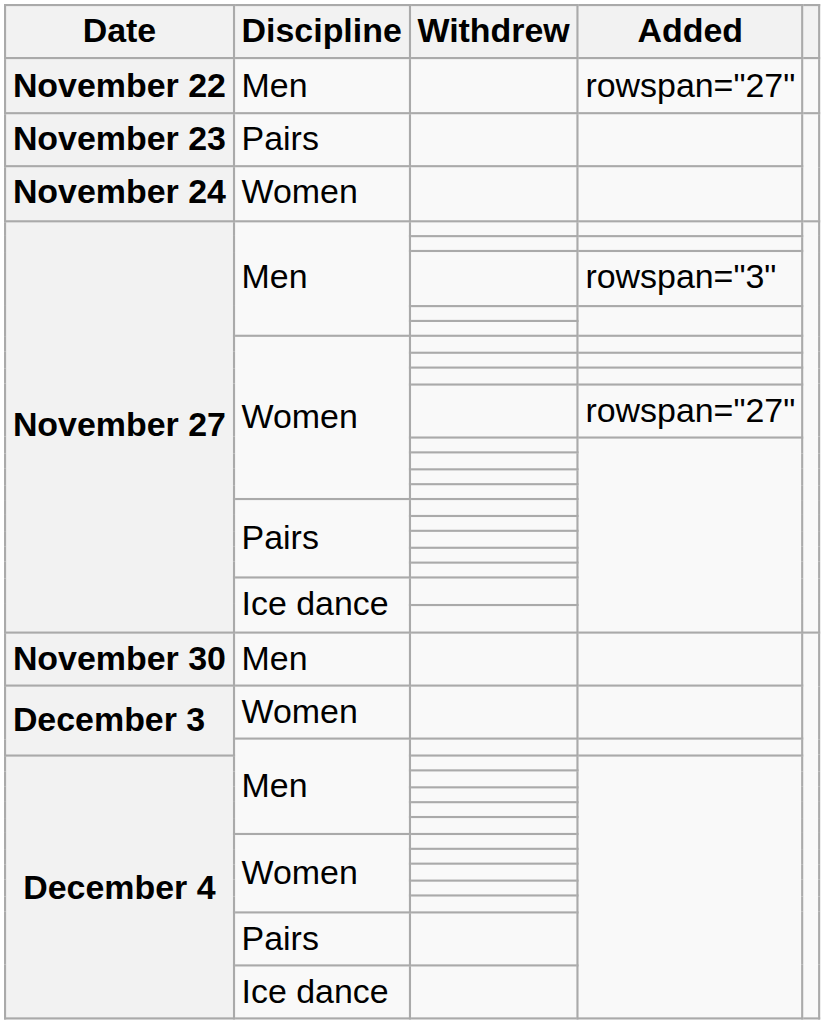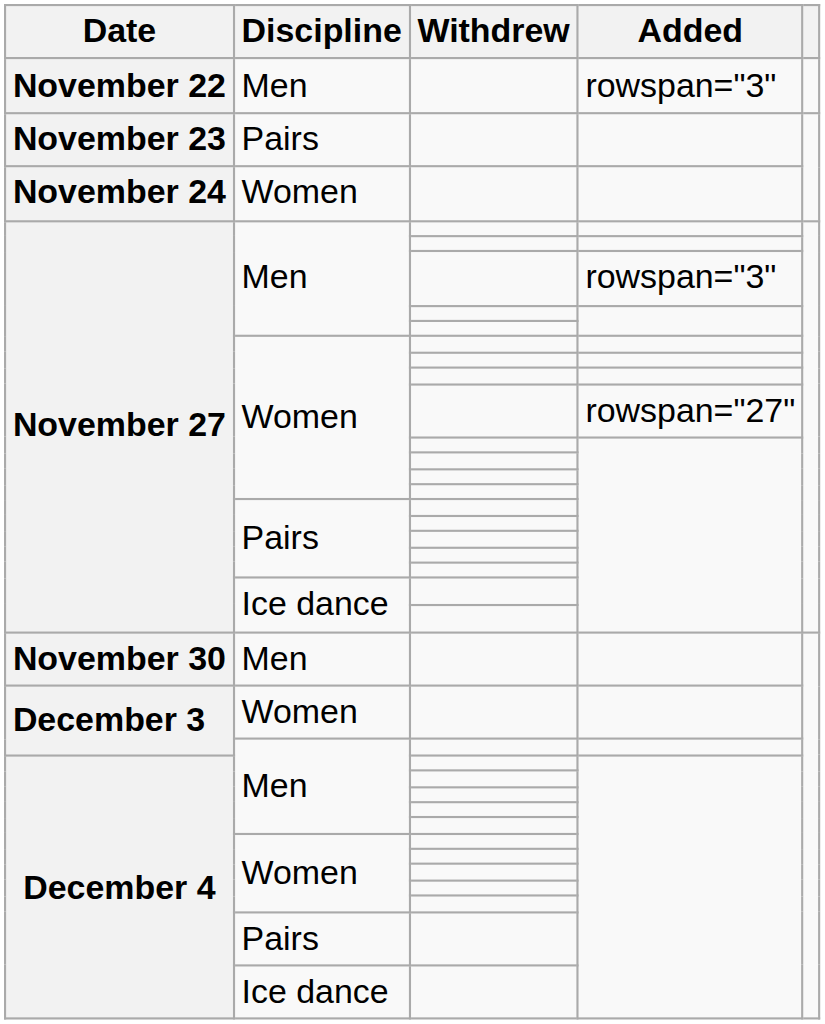 <table class="wikitable unsortable">
 <tr>
 <th scope="col">Date</th>
 <th scope="col">Discipline</th>
 <th scope="col">Withdrew</th>
 <th scope="col">Added</th>
 <th scope="col"></th>
 </tr>
 <tr>
 <th scope="row" style="text-align:left">November 22</th>
 <td>Men</td>
 <td></td>
-<td>rowspan="27" </td>
+<td>rowspan="3" </td>
 <td></td>
 </tr>
 <tr>
 <th scope="row" style="text-align:left">November 23</th>
 <td>Pairs</td>
 <td></td>
 <td></td>
 </tr>
 <tr>
 <th scope="row" style="text-align:left">November 24</th>
 <td>Women</td>
 <td></td>
 <td></td>
 </tr>
 <tr>
 <th rowspan="20" scope="row" style="text-align:left">November 27</th>
 <td rowspan="5">Men</td>
 <td></td>
 <td></td>
 <td rowspan="20"></td>
 </tr>
 <tr>
 <td></td>
 <td></td>
 </tr>
 <tr>
 <td></td>
 <td>rowspan="3" </td>
 </tr>
 <tr>
 <td></td>
 </tr>
 <tr>
 <td></td>
 </tr>
 <tr>
 <td rowspan="8">Women</td>
 <td></td>
 <td></td>
 </tr>
 <tr>
 <td></td>
 <td></td>
 </tr>
 <tr>
 <td></td>
 <td></td>
 </tr>
 <tr>
 <td></td>
 <td>rowspan="27" </td>
 </tr>
 <tr>
 <td></td>
 </tr>
 <tr>
 <td></td>
 </tr>
 <tr>
 <td></td>
 </tr>
 <tr>
 <td></td>
 </tr>
 <tr>
 <td rowspan="5">Pairs</td>
 <td></td>
 </tr>
 <tr>
 <td></td>
 </tr>
 <tr>
 <td></td>
 </tr>
 <tr>
 <td></td>
 </tr>
 <tr>
 <td></td>
 </tr>
 <tr>
 <td rowspan="2">Ice dance</td>
 <td></td>
 </tr>
 <tr>
 <td></td>
 </tr>
 <tr>
 <th scope="row" style="text-align:left">November 30</th>
 <td>Men</td>
 <td></td>
 <td></td>
 </tr>
 <tr>
 <th rowspan="2" scope="row" style="text-align:left">December 3</th>
 <td>Women</td>
 <td></td>
 <td></td>
 </tr>
 <tr>
 <td rowspan="6">Men</td>
 <td></td>
 <td></td>
 </tr>
 <tr>
 <th rowspan="12">December 4</th>
 <td></td>
 <td rowspan="12"></td>
 </tr>
 <tr>
 <td></td>
 </tr>
 <tr>
 <td></td>
 </tr>
 <tr>
 <td></td>
 </tr>
 <tr>
 <td></td>
 </tr>
 <tr>
 <td rowspan="5">Women</td>
 <td></td>
 </tr>
 <tr>
 <td></td>
 </tr>
 <tr>
 <td></td>
 </tr>
 <tr>
 <td></td>
 </tr>
 <tr>
 <td></td>
 </tr>
 <tr>
 <td>Pairs</td>
 <td></td>
 </tr>
 <tr>
 <td>Ice dance</td>
 <td></td>
 </tr>
 </table>
